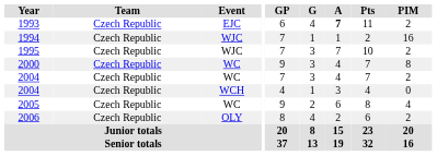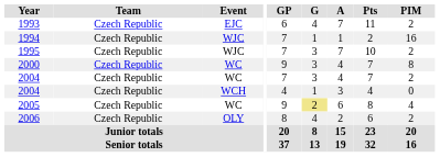 <table border="0" cellpadding="1" cellspacing="0" ID="Table3" style="text-align:center; width:40em">
 <tr bgcolor="#e0e0e0">
 <th>Year</th>
 <th>Team</th>
 <th>Event</th>
 <th rowspan="102" bgcolor="#ffffff"></th>
 <th>GP</th>
 <th>G</th>
 <th>A</th>
 <th>Pts</th>
 <th>PIM</th>
 </tr>
 <tr>
 <td><a href='#'>1993</a></td>
 <td><a href='#'>Czech Republic</a></td>
 <td><a href='#'>EJC</a></td>
 <td>6</td>
 <td>4</td>
-<td><strong>7</strong></td>
+<td>7</td>
 <td>11</td>
 <td>2</td>
 </tr>
 <tr bgcolor="#f0f0f0">
 <td><a href='#'>1994</a></td>
 <td>Czech Republic</td>
 <td><a href='#'>WJC</a></td>
 <td>7</td>
 <td>1</td>
 <td>1</td>
 <td>2</td>
 <td>16</td>
 </tr>
 <tr>
 <td><a href='#'>1995</a></td>
 <td>Czech Republic</td>
 <td>WJC</td>
 <td>7</td>
 <td>3</td>
 <td>7</td>
 <td>10</td>
 <td>2</td>
 </tr>
 <tr bgcolor="#f0f0f0">
 <td><a href='#'>2000</a></td>
 <td><a href='#'>Czech Republic</a></td>
 <td><a href='#'>WC</a></td>
 <td>9</td>
 <td>3</td>
 <td>4</td>
 <td>7</td>
 <td>8</td>
 </tr>
 <tr>
 <td><a href='#'>2004</a></td>
 <td>Czech Republic</td>
 <td>WC</td>
 <td>7</td>
 <td>3</td>
 <td>4</td>
 <td>7</td>
 <td>2</td>
 </tr>
 <tr bgcolor="#f0f0f0">
 <td><a href='#'>2004</a></td>
 <td>Czech Republic</td>
 <td><a href='#'>WCH</a></td>
 <td>4</td>
 <td>1</td>
 <td>3</td>
 <td>4</td>
 <td>0</td>
 </tr>
 <tr>
 <td><a href='#'>2005</a></td>
 <td>Czech Republic</td>
 <td>WC</td>
 <td>9</td>
-<td>2</td>
+<td style="background: khaki;">2</td>
 <td>6</td>
 <td>8</td>
 <td>4</td>
 </tr>
 <tr bgcolor="#f0f0f0">
 <td><a href='#'>2006</a></td>
 <td>Czech Republic</td>
 <td><a href='#'>OLY</a></td>
 <td>8</td>
 <td>4</td>
 <td>2</td>
 <td>6</td>
 <td>2</td>
 </tr>
 <tr bgcolor="#e0e0e0">
 <th colspan=3>Junior totals</th>
 <th>20</th>
 <th>8</th>
 <th>15</th>
 <th>23</th>
 <th>20</th>
 </tr>
 <tr bgcolor="#e0e0e0">
 <th colspan=3>Senior totals</th>
 <th>37</th>
 <th>13</th>
 <th>19</th>
 <th>32</th>
 <th>16</th>
 </tr>
 </table>
